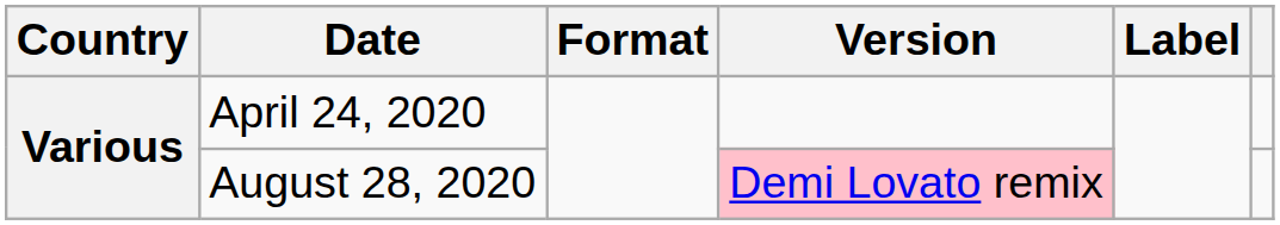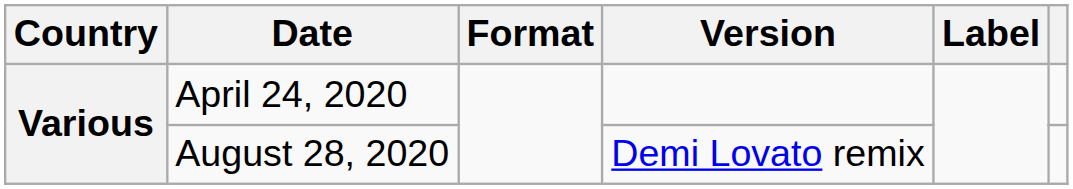 <table class="wikitable plainrowheaders">
 <tr>
 <th>Country</th>
 <th>Date</th>
 <th>Format</th>
 <th>Version</th>
 <th>Label</th>
 <th></th>
 </tr>
 <tr>
 <th scope="row" rowspan="2">Various</th>
 <td>April 24, 2020</td>
 <td rowspan="2"></td>
 <td></td>
 <td rowspan="2"></td>
 <td></td>
 </tr>
 <tr>
 <td>August 28, 2020</td>
-<td style="background: pink;"><a href='#'>Demi Lovato</a> remix</td>
+<td><a href='#'>Demi Lovato</a> remix</td>
 </tr>
 </table>
